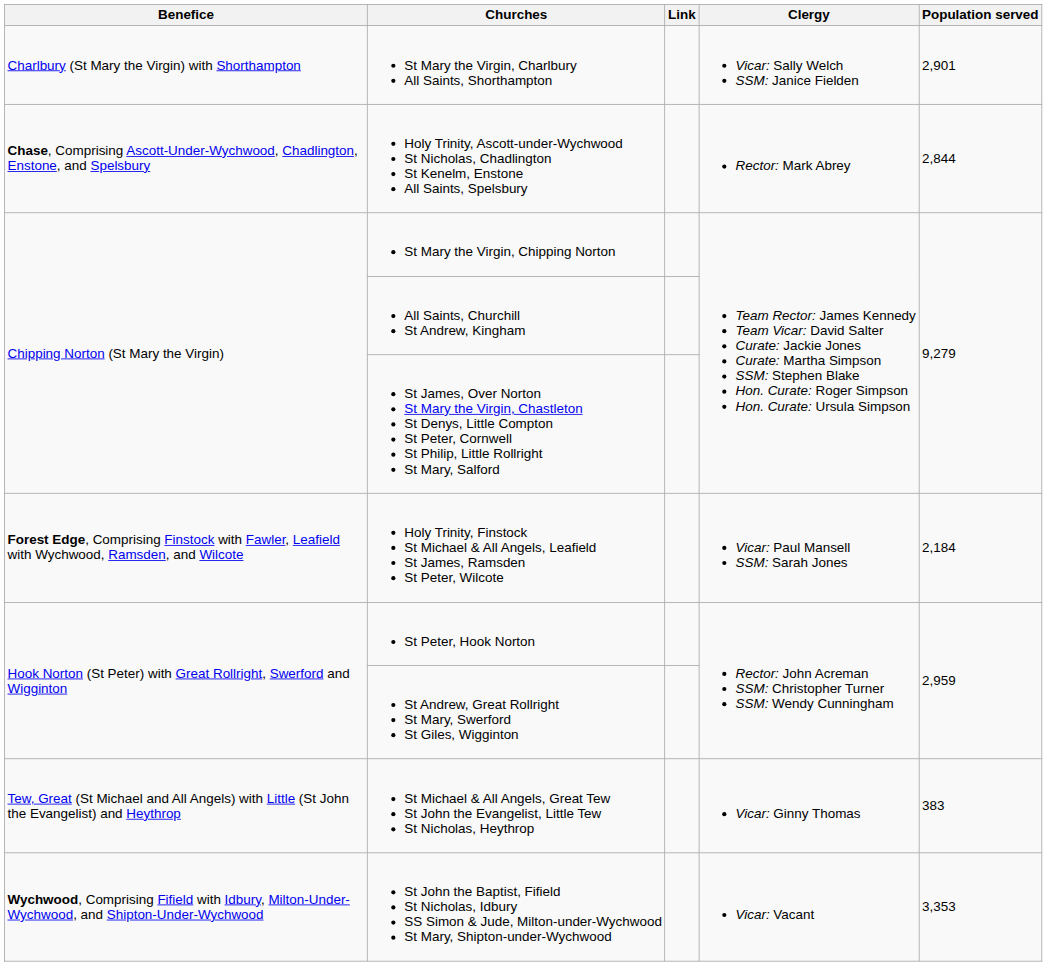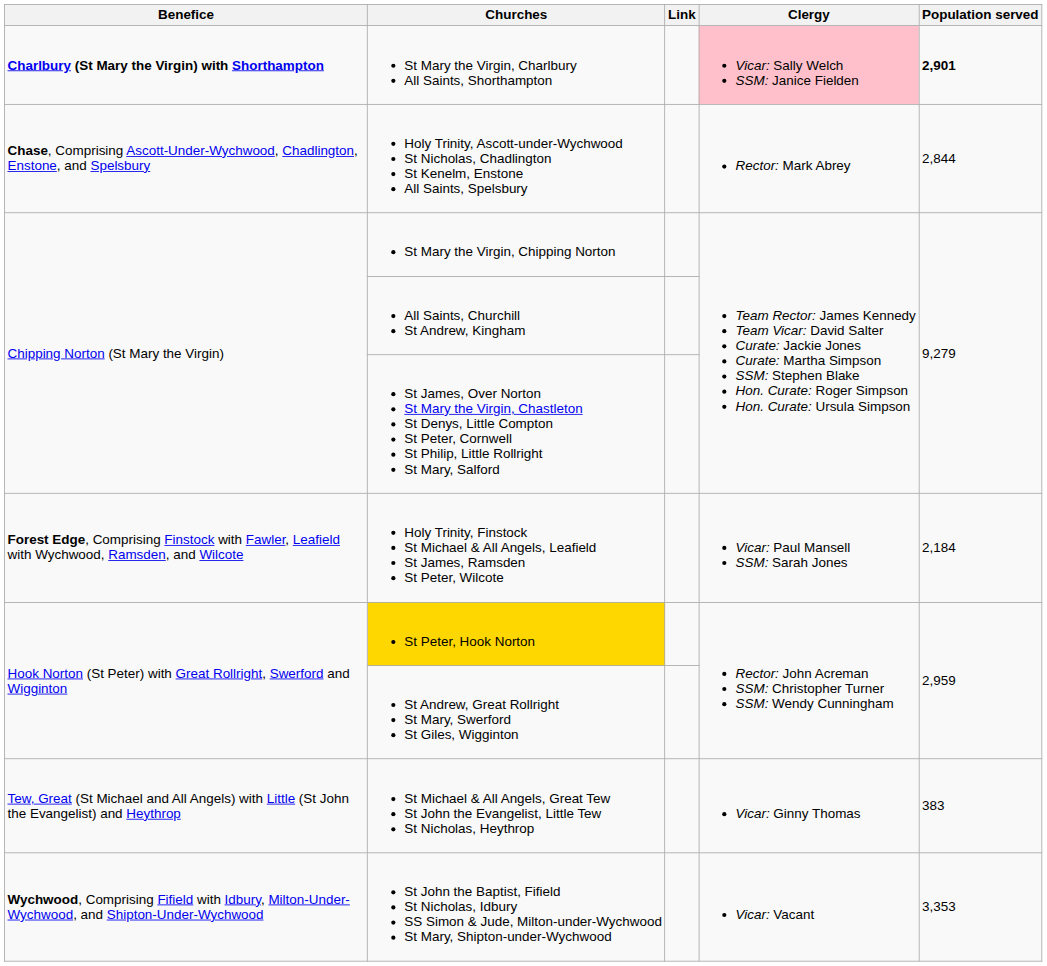 <table class="wikitable">
 <tr>
 <th width="425">Benefice</th>
 <th>Churches</th>
 <th>Link</th>
 <th>Clergy</th>
 <th>Population served</th>
 </tr>
 <tr>
-<td><a href='#'>Charlbury</a> (St Mary the Virgin) with <a href='#'>Shorthampton</a></td>
+<td><strong><a href='#'>Charlbury</a> (St Mary the Virgin) with <a href='#'>Shorthampton</a></strong></td>
 <td><br><ul><li>St Mary the Virgin, Charlbury</li><li>All Saints, Shorthampton</li></ul></td>
 <td></td>
-<td><br><ul><li><em>Vicar:</em> Sally Welch</li><li><em>SSM:</em> Janice Fielden</li></ul></td>
-<td>2,901</td>
+<td style="background: pink;"><br><ul><li><em>Vicar:</em> Sally Welch</li><li><em>SSM:</em> Janice Fielden</li></ul></td>
+<td><strong>2,901</strong></td>
 </tr>
 <tr>
 <td><strong>Chase</strong>, Comprising <a href='#'>Ascott-Under-Wychwood</a>, <a href='#'>Chadlington</a>, <a href='#'>Enstone</a>, and <a href='#'>Spelsbury</a></td>
 <td><br><ul><li>Holy Trinity, Ascott-under-Wychwood</li><li>St Nicholas, Chadlington</li><li>St Kenelm, Enstone</li><li>All Saints, Spelsbury</li></ul></td>
 <td></td>
 <td><br><ul><li><em>Rector:</em> Mark Abrey</li></ul></td>
 <td>2,844</td>
 </tr>
 <tr>
 <td rowspan="3"><a href='#'>Chipping Norton</a> (St Mary the Virgin)</td>
 <td><br><ul><li>St Mary the Virgin, Chipping Norton</li></ul></td>
 <td></td>
 <td rowspan="3"><br><ul><li><em>Team Rector:</em> James Kennedy</li><li><em>Team Vicar:</em> David Salter</li><li><em>Curate:</em> Jackie Jones</li><li><em>Curate:</em> Martha Simpson</li><li><em>SSM:</em> Stephen Blake</li><li><em>Hon. Curate:</em> Roger Simpson</li><li><em>Hon. Curate:</em> Ursula Simpson</li></ul></td>
 <td rowspan="3">9,279</td>
 </tr>
 <tr>
 <td><br><ul><li>All Saints, Churchill</li><li>St Andrew, Kingham</li></ul></td>
 <td></td>
 </tr>
 <tr>
 <td><br><ul><li>St James, Over Norton</li><li><a href='#'>St Mary the Virgin, Chastleton</a></li><li>St Denys, Little Compton</li><li>St Peter, Cornwell</li><li>St Philip, Little Rollright</li><li>St Mary, Salford</li></ul></td>
 <td></td>
 </tr>
 <tr>
 <td><strong>Forest Edge</strong>, Comprising <a href='#'>Finstock</a> with <a href='#'>Fawler</a>, <a href='#'>Leafield</a> with Wychwood, <a href='#'>Ramsden</a>, and <a href='#'>Wilcote</a></td>
 <td><br><ul><li>Holy Trinity, Finstock</li><li>St Michael & All Angels, Leafield</li><li>St James, Ramsden</li><li>St Peter, Wilcote</li></ul></td>
 <td></td>
 <td><br><ul><li><em>Vicar:</em> Paul Mansell</li><li><em>SSM:</em> Sarah Jones</li></ul></td>
 <td>2,184</td>
 </tr>
 <tr>
 <td rowspan="2"><a href='#'>Hook Norton</a> (St Peter) with <a href='#'>Great Rollright</a>, <a href='#'>Swerford</a> and <a href='#'>Wigginton</a></td>
-<td><br><ul><li>St Peter, Hook Norton</li></ul></td>
+<td style="background: gold;"><br><ul><li>St Peter, Hook Norton</li></ul></td>
 <td></td>
 <td rowspan="2"><br><ul><li><em>Rector:</em> John Acreman</li><li><em>SSM:</em> Christopher Turner</li><li><em>SSM:</em> Wendy Cunningham</li></ul></td>
 <td rowspan="2">2,959</td>
 </tr>
 <tr>
 <td><br><ul><li>St Andrew, Great Rollright</li><li>St Mary, Swerford</li><li>St Giles, Wigginton</li></ul></td>
 <td></td>
 </tr>
 <tr>
 <td><a href='#'>Tew, Great</a> (St Michael and All Angels) with <a href='#'>Little</a> (St John the Evangelist) and <a href='#'>Heythrop</a></td>
 <td><br><ul><li>St Michael & All Angels, Great Tew</li><li>St John the Evangelist, Little Tew</li><li>St Nicholas, Heythrop</li></ul></td>
 <td></td>
 <td><br><ul><li><em>Vicar:</em> Ginny Thomas</li></ul></td>
 <td>383</td>
 </tr>
 <tr>
 <td><strong>Wychwood</strong>, Comprising <a href='#'>Fifield</a> with <a href='#'>Idbury</a>, <a href='#'>Milton-Under-Wychwood</a>, and <a href='#'>Shipton-Under-Wychwood</a></td>
 <td><br><ul><li>St John the Baptist, Fifield</li><li>St Nicholas, Idbury</li><li>SS Simon & Jude, Milton-under-Wychwood</li><li>St Mary, Shipton-under-Wychwood</li></ul></td>
 <td></td>
 <td><br><ul><li><em>Vicar:</em> Vacant</li></ul></td>
 <td>3,353</td>
 </tr>
 </table>
